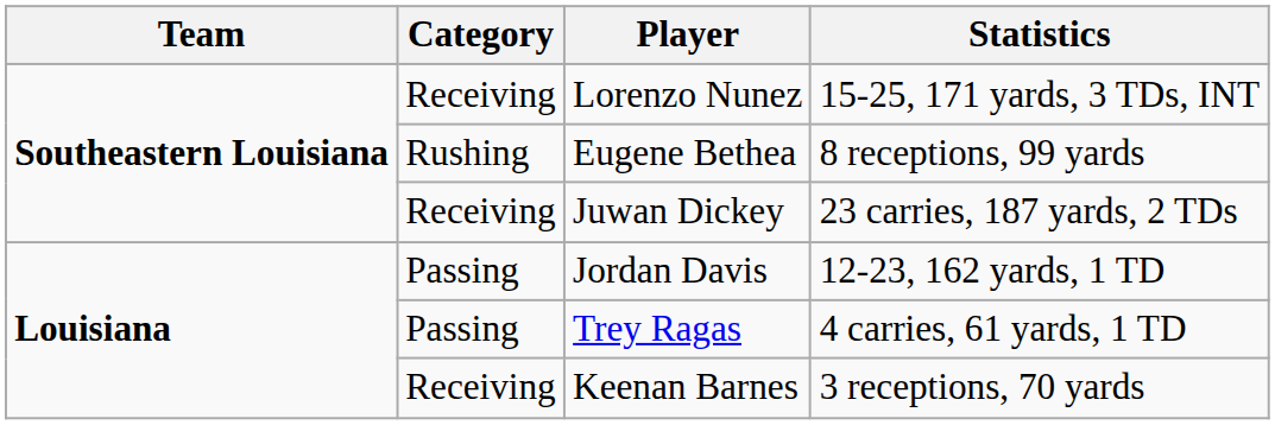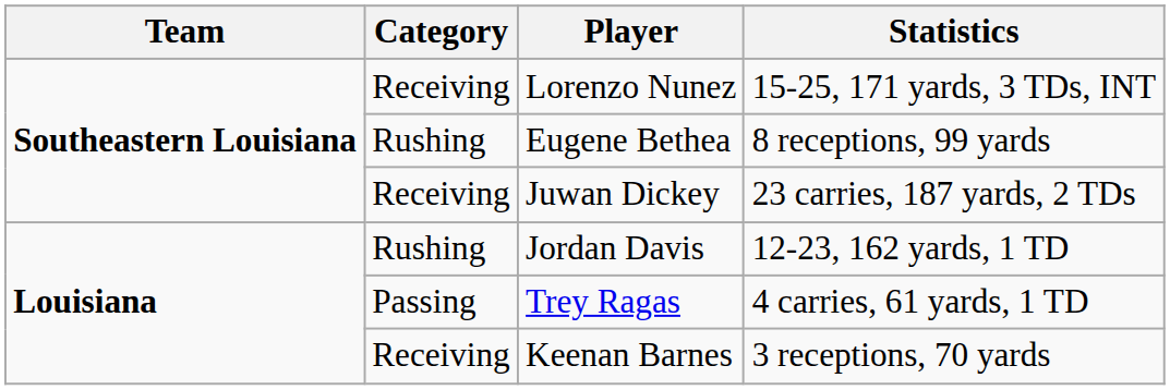 <table class="wikitable" style="float: left;">
 <tr>
 <th>Team</th>
 <th>Category</th>
 <th>Player</th>
 <th>Statistics</th>
 </tr>
 <tr>
 <td rowspan=3><strong>Southeastern Louisiana</strong></td>
 <td>Receiving</td>
 <td>Lorenzo Nunez</td>
 <td>15-25, 171 yards, 3 TDs, INT</td>
 </tr>
 <tr>
 <td>Rushing</td>
 <td>Eugene Bethea</td>
 <td>8 receptions, 99 yards</td>
 </tr>
 <tr>
 <td>Receiving</td>
 <td>Juwan Dickey</td>
 <td>23 carries, 187 yards, 2 TDs</td>
 </tr>
 <tr>
 <td rowspan=3><strong>Louisiana</strong></td>
-<td>Passing</td>
+<td>Rushing</td>
 <td>Jordan Davis</td>
 <td>12-23, 162 yards, 1 TD</td>
 </tr>
 <tr>
 <td>Passing</td>
 <td><a href='#'>Trey Ragas</a></td>
 <td>4 carries, 61 yards, 1 TD</td>
 </tr>
 <tr>
 <td>Receiving</td>
 <td>Keenan Barnes</td>
 <td>3 receptions, 70 yards</td>
 </tr>
 </table>
